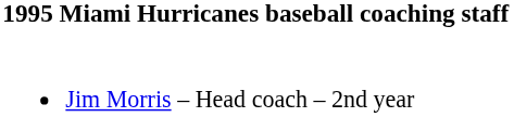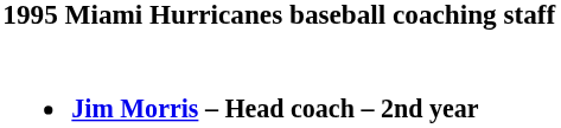 <table class="toccolours">
 <tr>
 <th colspan=9>1995 Miami Hurricanes baseball coaching staff</th>
 </tr>
 <tr>
-<td style="text-align: left; font-size: 95%;" valign="top"><br><ul><li><a href='#'>Jim Morris</a> – Head coach – 2nd year</li></ul></td>
+<td style="text-align: left; font-size: 95%;" valign="top"><strong><br><ul><li><a href='#'>Jim Morris</a> – Head coach – 2nd year</li></ul></strong></td>
 </tr>
 </table>
